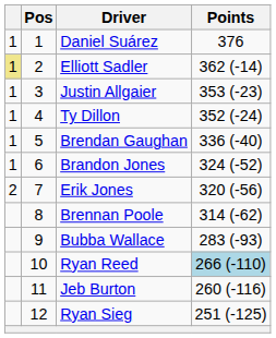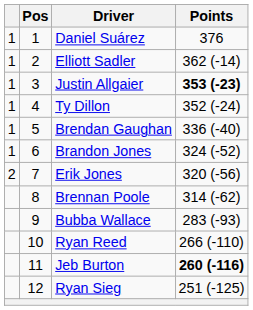 <table class="wikitable" style="font-size: 95%;">
 <tr>
 <th></th>
 <th>Pos</th>
 <th>Driver</th>
 <th>Points</th>
 </tr>
 <tr>
 <td align="left"> 1</td>
 <td style="text-align:center;">1</td>
 <td><a href='#'>Daniel Suárez</a></td>
 <td style="text-align:center;">376</td>
 </tr>
 <tr>
-<td align="left" style="background: khaki;"> 1</td>
+<td align="left"> 1</td>
 <td style="text-align:center;">2</td>
 <td><a href='#'>Elliott Sadler</a></td>
 <td style="text-align:center;">362 (-14)</td>
 </tr>
 <tr>
 <td align="left"> 1</td>
 <td style="text-align:center;">3</td>
 <td><a href='#'>Justin Allgaier</a></td>
-<td style="text-align:center;">353 (-23)</td>
+<td style="text-align:center;"><strong>353 (-23)</strong></td>
 </tr>
 <tr>
 <td align="left"> 1</td>
 <td style="text-align:center;">4</td>
 <td><a href='#'>Ty Dillon</a></td>
 <td style="text-align:center;">352 (-24)</td>
 </tr>
 <tr>
 <td align="left"> 1</td>
 <td style="text-align:center;">5</td>
 <td><a href='#'>Brendan Gaughan</a></td>
 <td style="text-align:center;">336 (-40)</td>
 </tr>
 <tr>
 <td align="left"> 1</td>
 <td style="text-align:center;">6</td>
 <td><a href='#'>Brandon Jones</a></td>
 <td style="text-align:center;">324 (-52)</td>
 </tr>
 <tr>
 <td align="left"> 2</td>
 <td style="text-align:center;">7</td>
 <td><a href='#'>Erik Jones</a></td>
 <td style="text-align:center;">320 (-56)</td>
 </tr>
 <tr>
 <td align="left"></td>
 <td style="text-align:center;">8</td>
 <td><a href='#'>Brennan Poole</a></td>
 <td style="text-align:center;">314 (-62)</td>
 </tr>
 <tr>
 <td align="left"></td>
 <td style="text-align:center;">9</td>
 <td><a href='#'>Bubba Wallace</a></td>
 <td style="text-align:center;">283 (-93)</td>
 </tr>
 <tr>
 <td align="left"></td>
 <td style="text-align:center;">10</td>
 <td><a href='#'>Ryan Reed</a></td>
-<td style="background: lightblue; text-align:center;">266 (-110)</td>
+<td style="text-align:center;">266 (-110)</td>
 </tr>
 <tr>
 <td align="left"></td>
 <td style="text-align:center;">11</td>
 <td><a href='#'>Jeb Burton</a></td>
-<td style="text-align:center;">260 (-116)</td>
+<td style="text-align:center;"><strong>260 (-116)</strong></td>
 </tr>
 <tr>
 <td align="left"></td>
 <td style="text-align:center;">12</td>
 <td><a href='#'>Ryan Sieg</a></td>
 <td style="text-align:center;">251 (-125)</td>
 </tr>
 <tr class="sortbottom">
 <th colspan="9"></th>
 </tr>
 </table>
